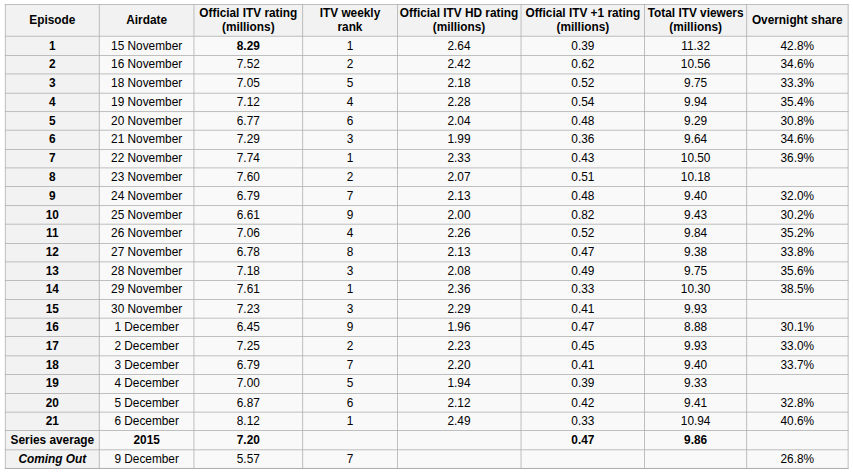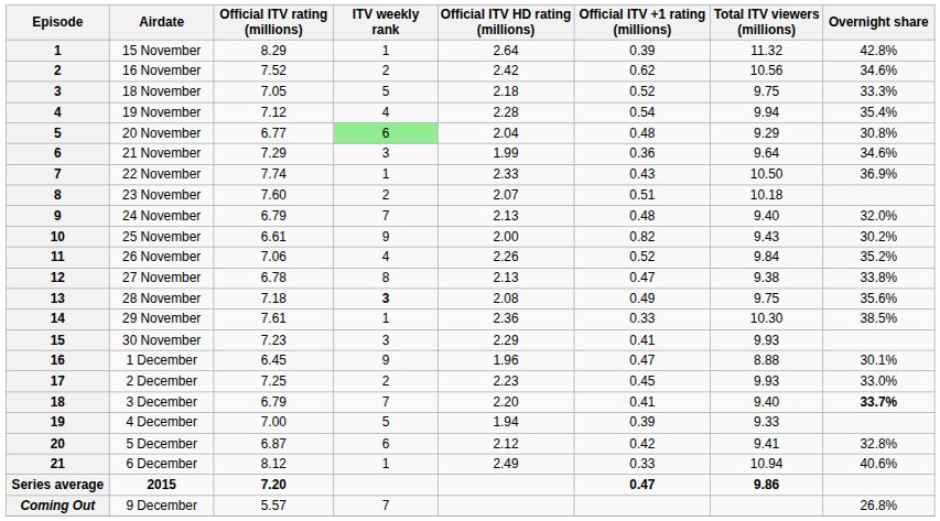 <table class="wikitable" style="text-align:center; margin: 1em auto 1em auto">
 <tr>
 <th scope="col" style="width:120px;">Episode</th>
 <th scope="col" style="width:120px;">Airdate</th>
 <th scope="col" style="width:140px;">Official ITV rating<br>(millions)</th>
 <th scope="col" style="width:120px;">ITV weekly rank</th>
 <th scope="col" style="width:160px;">Official ITV HD rating<br>(millions)</th>
 <th scope="col" style="width:160px;">Official ITV +1 rating<br>(millions)</th>
 <th scope="col" style="width:130px;">Total ITV viewers<br>(millions)</th>
 <th scope="col" style="width:130px;">Overnight share</th>
 </tr>
 <tr>
 <th>1</th>
 <td>15 November</td>
-<td><strong>8.29</strong></td>
+<td>8.29</td>
 <td>1</td>
 <td>2.64</td>
 <td>0.39</td>
 <td>11.32</td>
 <td>42.8%</td>
 </tr>
 <tr>
 <th>2</th>
 <td>16 November</td>
 <td>7.52</td>
 <td>2</td>
 <td>2.42</td>
 <td>0.62</td>
 <td>10.56</td>
 <td>34.6%</td>
 </tr>
 <tr>
 <th>3</th>
 <td>18 November</td>
 <td>7.05</td>
 <td>5</td>
 <td>2.18</td>
 <td>0.52</td>
 <td>9.75</td>
 <td>33.3%</td>
 </tr>
 <tr>
 <th>4</th>
 <td>19 November</td>
 <td>7.12</td>
 <td>4</td>
 <td>2.28</td>
 <td>0.54</td>
 <td>9.94</td>
 <td>35.4%</td>
 </tr>
 <tr>
 <th>5</th>
 <td>20 November</td>
 <td>6.77</td>
-<td>6</td>
+<td style="background: lightgreen;">6</td>
 <td>2.04</td>
 <td>0.48</td>
 <td>9.29</td>
 <td>30.8%</td>
 </tr>
 <tr>
 <th>6</th>
 <td>21 November</td>
 <td>7.29</td>
 <td>3</td>
 <td>1.99</td>
 <td>0.36</td>
 <td>9.64</td>
 <td>34.6%</td>
 </tr>
 <tr>
 <th>7</th>
 <td>22 November</td>
 <td>7.74</td>
 <td>1</td>
 <td>2.33</td>
 <td>0.43</td>
 <td>10.50</td>
 <td>36.9%</td>
 </tr>
 <tr>
 <th>8</th>
 <td>23 November</td>
 <td>7.60</td>
 <td>2</td>
 <td>2.07</td>
 <td>0.51</td>
 <td>10.18</td>
 <td></td>
 </tr>
 <tr>
 <th>9</th>
 <td>24 November</td>
 <td>6.79</td>
 <td>7</td>
 <td>2.13</td>
 <td>0.48</td>
 <td>9.40</td>
 <td>32.0%</td>
 </tr>
 <tr>
 <th>10</th>
 <td>25 November</td>
 <td>6.61</td>
 <td>9</td>
 <td>2.00</td>
 <td>0.82</td>
 <td>9.43</td>
 <td>30.2%</td>
 </tr>
 <tr>
 <th>11</th>
 <td>26 November</td>
 <td>7.06</td>
 <td>4</td>
 <td>2.26</td>
 <td>0.52</td>
 <td>9.84</td>
 <td>35.2%</td>
 </tr>
 <tr>
 <th>12</th>
 <td>27 November</td>
 <td>6.78</td>
 <td>8</td>
 <td>2.13</td>
 <td>0.47</td>
 <td>9.38</td>
 <td>33.8%</td>
 </tr>
 <tr>
 <th>13</th>
 <td>28 November</td>
 <td>7.18</td>
-<td>3</td>
+<td><strong>3</strong></td>
 <td>2.08</td>
 <td>0.49</td>
 <td>9.75</td>
 <td>35.6%</td>
 </tr>
 <tr>
 <th>14</th>
 <td>29 November</td>
 <td>7.61</td>
 <td>1</td>
 <td>2.36</td>
 <td>0.33</td>
 <td>10.30</td>
 <td>38.5%</td>
 </tr>
 <tr>
 <th>15</th>
 <td>30 November</td>
 <td>7.23</td>
 <td>3</td>
 <td>2.29</td>
 <td>0.41</td>
 <td>9.93</td>
 <td></td>
 </tr>
 <tr>
 <th>16</th>
 <td>1 December</td>
 <td>6.45</td>
 <td>9</td>
 <td>1.96</td>
 <td>0.47</td>
 <td>8.88</td>
 <td>30.1%</td>
 </tr>
 <tr>
 <th>17</th>
 <td>2 December</td>
 <td>7.25</td>
 <td>2</td>
 <td>2.23</td>
 <td>0.45</td>
 <td>9.93</td>
 <td>33.0%</td>
 </tr>
 <tr>
 <th>18</th>
 <td>3 December</td>
 <td>6.79</td>
 <td>7</td>
 <td>2.20</td>
 <td>0.41</td>
 <td>9.40</td>
-<td>33.7%</td>
+<td><strong>33.7%</strong></td>
 </tr>
 <tr>
 <th>19</th>
 <td>4 December</td>
 <td>7.00</td>
 <td>5</td>
 <td>1.94</td>
 <td>0.39</td>
 <td>9.33</td>
 <td></td>
 </tr>
 <tr>
 <th>20</th>
 <td>5 December</td>
 <td>6.87</td>
 <td>6</td>
 <td>2.12</td>
 <td>0.42</td>
 <td>9.41</td>
 <td>32.8%</td>
 </tr>
 <tr>
 <th>21</th>
 <td>6 December</td>
 <td>8.12</td>
 <td>1</td>
 <td>2.49</td>
 <td>0.33</td>
 <td>10.94</td>
 <td>40.6%</td>
 </tr>
 <tr>
 <th><strong>Series average</strong></th>
 <td><strong>2015</strong></td>
 <td><strong>7.20</strong></td>
 <td></td>
 <td></td>
 <td><strong>0.47</strong></td>
 <td><strong>9.86</strong></td>
 <td></td>
 </tr>
 <tr>
 <th><strong><em>Coming Out</em></strong></th>
 <td>9 December</td>
 <td>5.57</td>
 <td>7</td>
 <td></td>
 <td></td>
 <td></td>
 <td>26.8%</td>
 </tr>
 <tr>
 </tr>
 </table>
